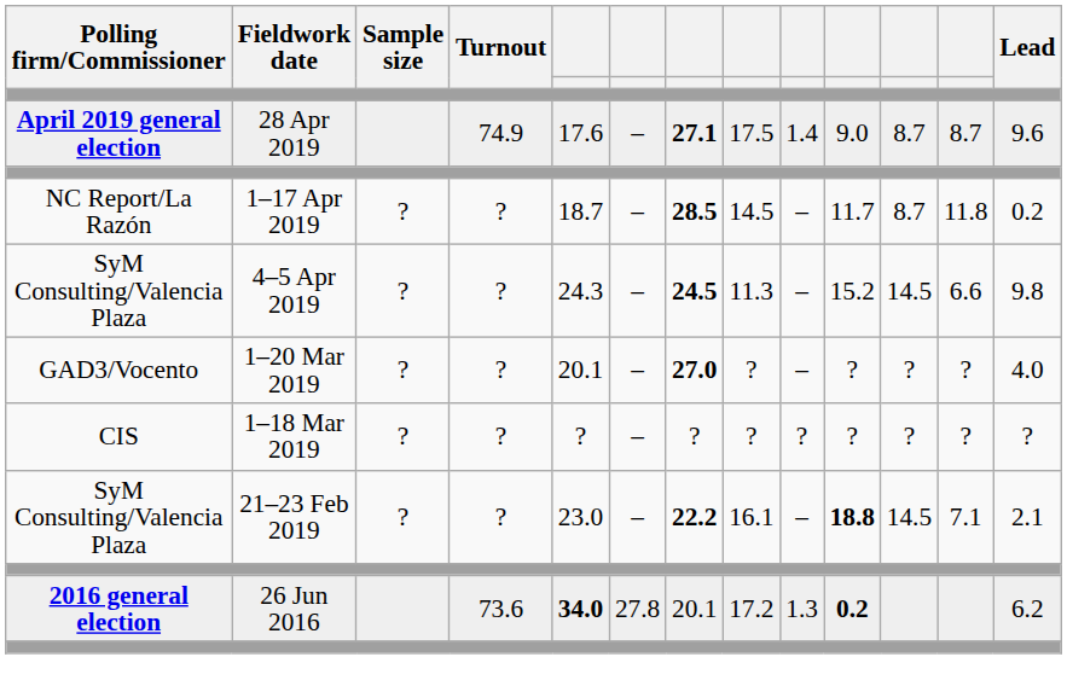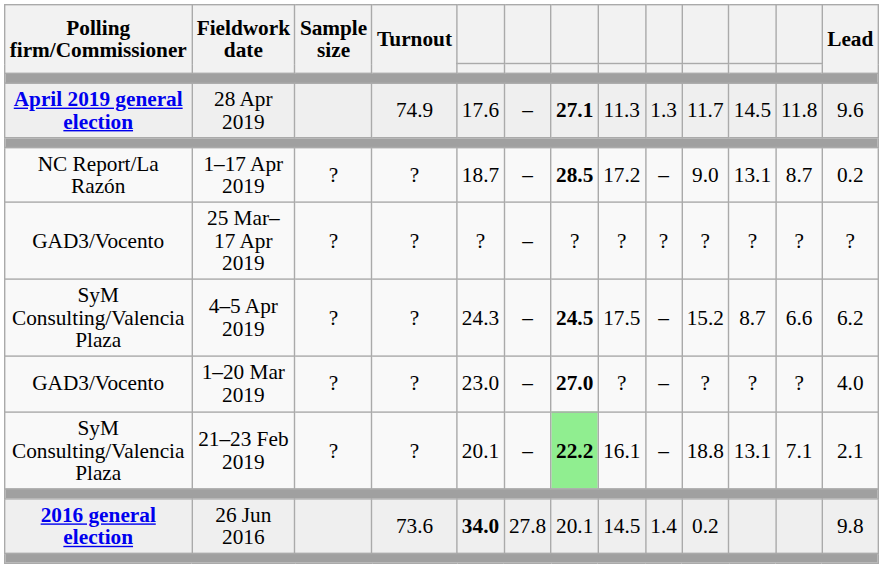 <table class="wikitable collapsible collapsed" style="text-align:center; font-size:95%; line-height:16px;">
 <tr style="height:42px;">
 <th style="width:250px;" rowspan="2">Polling firm/Commissioner</th>
 <th style="width:125px;" rowspan="2">Fieldwork date</th>
 <th style="width:50px;" rowspan="2">Sample size</th>
 <th style="width:45px;" rowspan="2">Turnout</th>
 <th style="width:35px;"></th>
 <th style="width:35px;"></th>
 <th style="width:35px;"></th>
 <th style="width:35px;"></th>
 <th style="width:35px;"></th>
 <th style="width:35px;"></th>
 <th style="width:35px;"></th>
 <th style="width:35px;"></th>
 <th style="width:30px;" rowspan="2">Lead</th>
 </tr>
 <tr>
 <th style="color:inherit;background:"></th>
 <th style="color:inherit;background:"></th>
 <th style="color:inherit;background:"></th>
 <th style="color:inherit;background:"></th>
 <th style="color:inherit;background:"></th>
 <th style="color:inherit;background:"></th>
 <th style="color:inherit;background:"></th>
 <th style="color:inherit;background:"></th>
 </tr>
 <tr>
 <td colspan="13" style="background:#A0A0A0"></td>
 </tr>
 <tr style="background:#EFEFEF;">
 <td><strong><a href='#'>April 2019 general election</a></strong></td>
 <td>28 Apr 2019</td>
 <td></td>
 <td>74.9</td>
 <td>17.6<br></td>
 <td>–</td>
 <td><strong>27.1</strong><br></td>
-<td>17.5<br></td>
-<td>1.4<br></td>
-<td>9.0<br></td>
-<td>8.7<br></td>
-<td>8.7<br></td>
+<td>11.3<br></td>
+<td>1.3<br></td>
+<td>11.7<br></td>
+<td>14.5<br></td>
+<td>11.8<br></td>
 <td style="background:">9.6</td>
 </tr>
 <tr>
 <td colspan="13" style="background:#A0A0A0"></td>
 </tr>
 <tr>
 <td>NC Report/La Razón</td>
 <td>1–17 Apr 2019</td>
 <td>?</td>
 <td>?</td>
 <td>18.7<br></td>
 <td>–</td>
 <td><strong>28.5</strong><br></td>
-<td>14.5<br></td>
+<td>17.2<br></td>
 <td>–</td>
-<td>11.7<br></td>
+<td>9.0<br></td>
+<td>13.1<br></td>
 <td>8.7<br></td>
-<td>11.8<br></td>
 <td style="background:">0.2</td>
 </tr>
 <tr>
-<td>SyM Consulting/Valencia Plaza</td>
-<td>4–5 Apr 2019</td>
-<td>?</td>
-<td>?</td>
-<td>24.3<br></td>
-<td>–</td>
-<td><strong>24.5</strong><br></td>
-<td>11.3<br></td>
-<td>–</td>
-<td>15.2<br></td>
-<td>14.5<br></td>
-<td>6.6<br></td>
-<td style="background:">9.8</td>
-</tr>
-<tr>
 <td>GAD3/Vocento</td>
-<td>1–20 Mar 2019</td>
-<td>?</td>
-<td>?</td>
-<td>20.1<br></td>
-<td>–</td>
-<td><strong>27.0</strong><br></td>
-<td>?<br></td>
-<td>–</td>
-<td>?<br></td>
-<td>?<br></td>
-<td>?<br></td>
-<td style="background:">4.0</td>
-</tr>
-<tr>
-<td>CIS</td>
-<td>1–18 Mar 2019</td>
+<td>25 Mar–17 Apr 2019</td>
 <td>?</td>
 <td>?</td>
 <td>?<br></td>
 <td>–</td>
 <td>?<br></td>
 <td>?<br></td>
 <td>?<br></td>
 <td>?<br></td>
 <td>?<br></td>
 <td>?<br></td>
 <td style="background:">?</td>
 </tr>
 <tr>
 <td>SyM Consulting/Valencia Plaza</td>
-<td>21–23 Feb 2019</td>
+<td>4–5 Apr 2019</td>
+<td>?</td>
+<td>?</td>
+<td>24.3<br></td>
+<td>–</td>
+<td><strong>24.5</strong><br></td>
+<td>17.5<br></td>
+<td>–</td>
+<td>15.2<br></td>
+<td>8.7<br></td>
+<td>6.6<br></td>
+<td style="background:">6.2</td>
+</tr>
+<tr>
+<td>GAD3/Vocento</td>
+<td>1–20 Mar 2019</td>
 <td>?</td>
 <td>?</td>
 <td>23.0<br></td>
 <td>–</td>
-<td><strong>22.2</strong><br></td>
+<td><strong>27.0</strong><br></td>
+<td>?<br></td>
+<td>–</td>
+<td>?<br></td>
+<td>?<br></td>
+<td>?<br></td>
+<td style="background:">4.0</td>
+</tr>
+<tr>
+<td>SyM Consulting/Valencia Plaza</td>
+<td>21–23 Feb 2019</td>
+<td>?</td>
+<td>?</td>
+<td>20.1<br></td>
+<td>–</td>
+<td style="background: lightgreen;"><strong>22.2</strong><br></td>
 <td>16.1<br></td>
 <td>–</td>
-<td><strong>18.8<br></strong></td>
-<td>14.5<br></td>
+<td>18.8<br></td>
+<td>13.1<br></td>
 <td>7.1<br></td>
 <td style="background:">2.1</td>
 </tr>
 <tr>
 <td colspan="13" style="background:#A0A0A0"></td>
 </tr>
 <tr style="background:#EFEFEF;">
 <td><strong><a href='#'>2016 general election</a></strong></td>
 <td>26 Jun 2016</td>
 <td></td>
 <td>73.6</td>
 <td><strong>34.0</strong><br></td>
 <td>27.8<br></td>
 <td>20.1<br></td>
-<td>17.2<br></td>
-<td>1.3<br></td>
-<td><strong>0.2<br></strong></td>
+<td>14.5<br></td>
+<td>1.4<br></td>
+<td>0.2<br></td>
 <td></td>
 <td></td>
-<td style="background:">6.2</td>
+<td style="background:">9.8</td>
 </tr>
 <tr>
 <td colspan="13" style="background:#A0A0A0"></td>
 </tr>
 </table>
